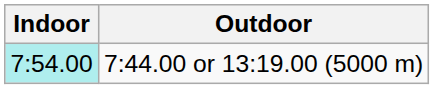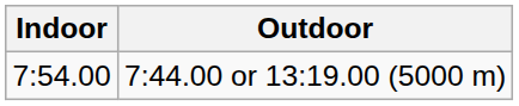 <table class="wikitable" border="1" align="upright">
 <tr>
 <th>Indoor</th>
 <th>Outdoor</th>
 </tr>
 <tr>
-<td style="background: paleturquoise;">7:54.00</td>
+<td>7:54.00</td>
 <td>7:44.00 or 13:19.00 (5000 m)</td>
 </tr>
 </table>
